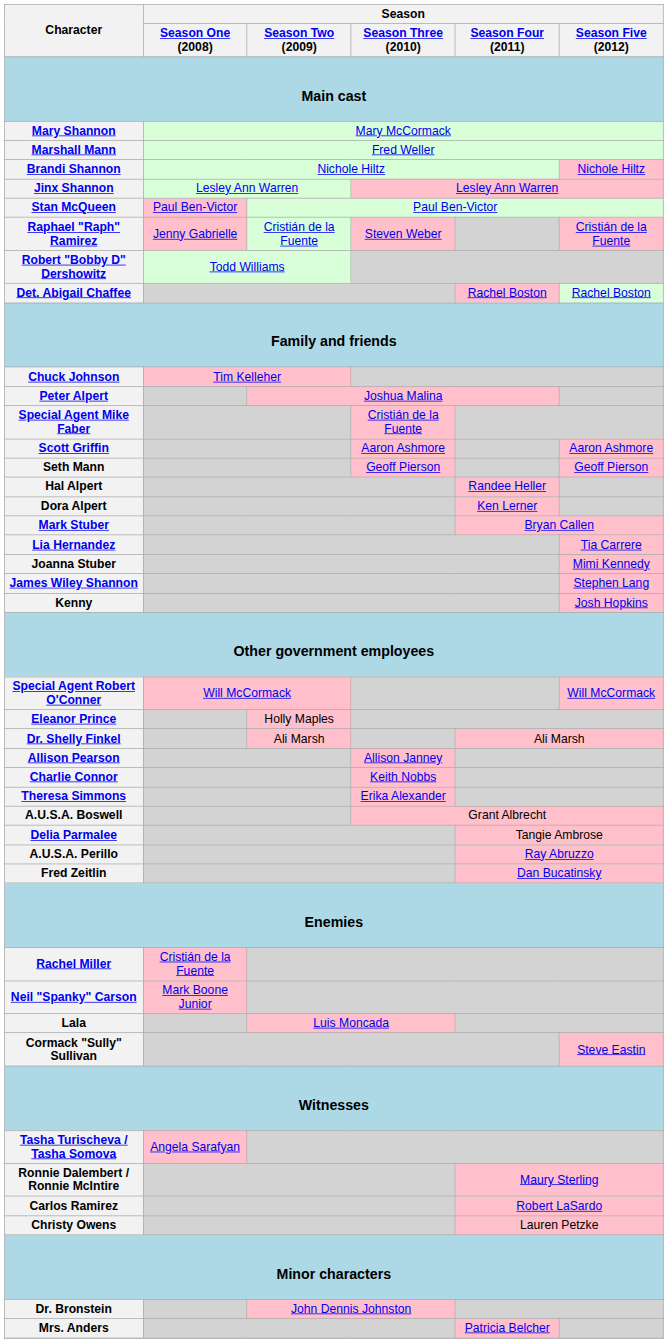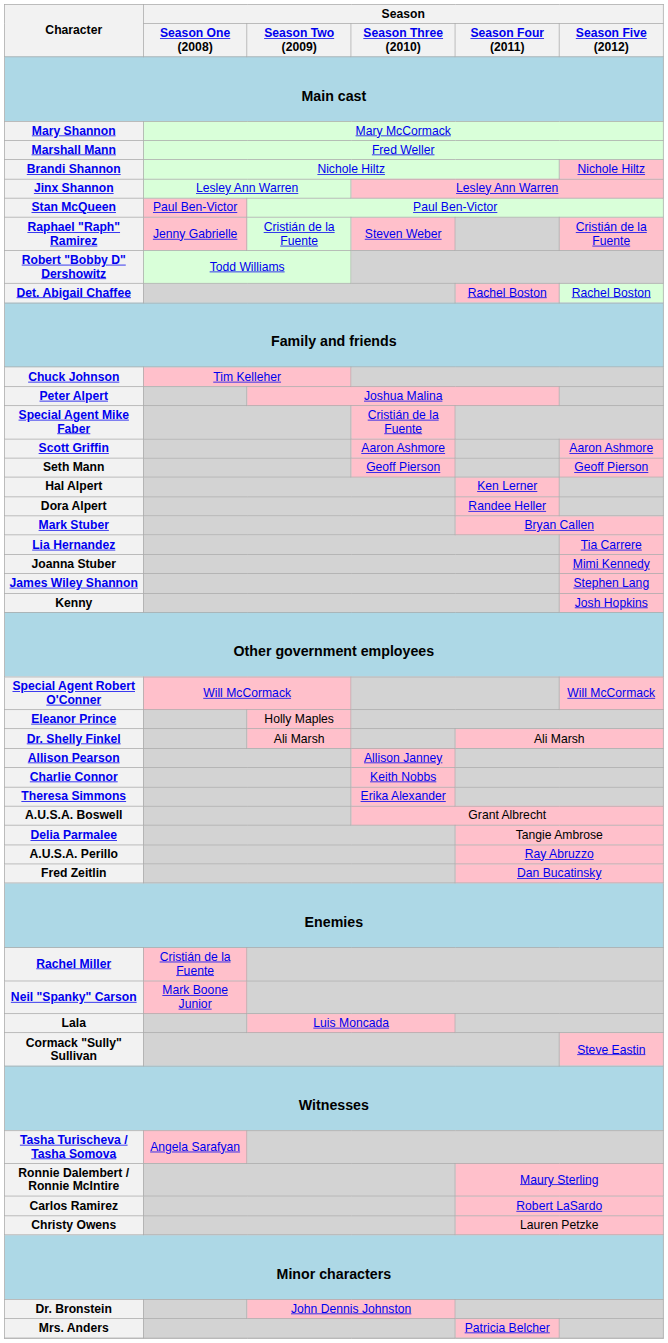 <table class="wikitable" style="text-align:center">
 <tr>
 <th rowspan="2" width="16%">Character</th>
 <th colspan="5" align="center">Season</th>
 </tr>
 <tr>
 <th align="center" width="12%"><a href='#'>Season One</a><br>(2008)</th>
 <th align="center" width="12%"><a href='#'>Season Two</a><br>(2009)</th>
 <th align="center" width="12%"><a href='#'>Season Three</a><br>(2010)</th>
 <th align="center" width="12%"><a href='#'>Season Four</a><br>(2011)</th>
 <th align="center" width="12%"><a href='#'>Season Five</a><br>(2012)</th>
 </tr>
 <tr>
 <th colspan="6" style="background-color:lightblue;"><br><h3>Main cast</h3></th>
 </tr>
 <tr>
 <th><a href='#'>Mary Shannon</a></th>
 <td style="background:#d9ffd9;" colspan="5"><a href='#'><span>Mary McCormack</span></a></td>
 </tr>
 <tr>
 <th><a href='#'>Marshall Mann</a></th>
 <td style="background:#d9ffd9;" colspan="5"><a href='#'><span>Fred Weller</span></a></td>
 </tr>
 <tr>
 <th><a href='#'>Brandi Shannon</a></th>
 <td style="background:#d9ffd9;" colspan="4"><a href='#'><span>Nichole Hiltz</span></a></td>
 <td colspan="1" style="background-color:pink;"><a href='#'><span>Nichole Hiltz</span></a></td>
 </tr>
 <tr>
 <th><a href='#'>Jinx Shannon</a></th>
 <td style="background:#d9ffd9;" colspan="2"><a href='#'><span>Lesley Ann Warren</span></a></td>
 <td colspan="3" style="background-color:pink;"><a href='#'><span>Lesley Ann Warren</span></a></td>
 </tr>
 <tr>
 <th><a href='#'>Stan McQueen</a></th>
 <td colspan="1" style="background-color:pink;"><a href='#'><span>Paul Ben-Victor</span></a></td>
 <td style="background:#d9ffd9;" colspan="4"><a href='#'><span>Paul Ben-Victor</span></a></td>
 </tr>
 <tr>
 <th><a href='#'>Raphael "Raph" Ramirez</a></th>
 <td colspan="1" style="background-color:pink;"><a href='#'>Jenny Gabrielle</a></td>
 <td style="background:#d9ffd9;"><a href='#'><span>Cristián de la Fuente</span></a></td>
 <td colspan="1" style="background-color:pink;"><a href='#'><span>Steven Weber</span></a></td>
 <td colspan="1" style="background-color:lightgrey;"> </td>
 <td colspan="1" style="background-color:pink;"><a href='#'><span>Cristián de la Fuente</span></a></td>
 </tr>
 <tr>
 <th><a href='#'>Robert "Bobby D" Dershowitz</a></th>
 <td style="background:#d9ffd9;" colspan="2"><a href='#'><span>Todd Williams</span></a></td>
 <td colspan="3" style="background-color:lightgrey;"> </td>
 </tr>
 <tr>
 <th><a href='#'>Det. Abigail Chaffee</a></th>
 <td colspan="3" style="background-color:lightgrey;"> </td>
 <td colspan="1" style="background-color:pink;"><a href='#'><span>Rachel Boston</span></a></td>
 <td style="background:#d9ffd9;"><a href='#'><span>Rachel Boston</span></a></td>
 </tr>
 <tr>
 <th colspan="6" style="background-color:lightblue;"><br><h3>Family and friends</h3></th>
 </tr>
 <tr>
 <th><a href='#'>Chuck Johnson</a></th>
 <td colspan="2" style="background-color:pink;"><a href='#'><span>Tim Kelleher</span></a></td>
 <td colspan="3" style="background-color:lightgrey;"> </td>
 </tr>
 <tr>
 <th><a href='#'>Peter Alpert</a></th>
 <td colspan="1" style="background-color:lightgrey;"> </td>
 <td colspan="3" style="background-color:pink;"><a href='#'><span>Joshua Malina</span></a></td>
 <td colspan="1" style="background-color:lightgrey;"> </td>
 </tr>
 <tr>
 <th><a href='#'>Special Agent Mike Faber</a></th>
 <td colspan="2" style="background-color:lightgrey;"> </td>
 <td colspan="1" style="background-color:pink;"><a href='#'><span>Cristián de la Fuente</span></a></td>
 <td colspan="2" style="background-color:lightgrey;"> </td>
 </tr>
 <tr>
 <th><a href='#'>Scott Griffin</a></th>
 <td colspan="2" style="background-color:lightgrey;"> </td>
 <td colspan="1" style="background-color:pink;"><a href='#'><span>Aaron Ashmore</span></a></td>
 <td colspan="1" style="background-color:lightgrey;"> </td>
 <td colspan="1" style="background-color:pink;"><a href='#'><span>Aaron Ashmore</span></a></td>
 </tr>
 <tr>
 <th>Seth Mann</th>
 <td colspan="2" style="background-color:lightgrey;"> </td>
 <td colspan="1" style="background-color:pink;"><a href='#'><span>Geoff Pierson</span></a></td>
 <td colspan="1" style="background-color:lightgrey;"> </td>
 <td colspan="1" style="background-color:pink;"><a href='#'><span>Geoff Pierson</span></a></td>
 </tr>
 <tr>
 <th>Hal Alpert</th>
 <td colspan="3" style="background-color:lightgrey;"> </td>
-<td colspan="1" style="background-color:pink;"><a href='#'><span>Randee Heller</span></a></td>
+<td colspan="1" style="background-color:pink;"><a href='#'><span>Ken Lerner</span></a></td>
 <td colspan="1" style="background-color:lightgrey;"> </td>
 </tr>
 <tr>
 <th>Dora Alpert</th>
 <td colspan="3" style="background-color:lightgrey;"> </td>
-<td colspan="1" style="background-color:pink;"><a href='#'><span>Ken Lerner</span></a></td>
+<td colspan="1" style="background-color:pink;"><a href='#'><span>Randee Heller</span></a></td>
 <td colspan="1" style="background-color:lightgrey;"> </td>
 </tr>
 <tr>
 <th><a href='#'>Mark Stuber</a></th>
 <td colspan="3" style="background-color:lightgrey;"> </td>
 <td colspan="2" style="background-color:pink;"><a href='#'><span>Bryan Callen</span></a></td>
 </tr>
 <tr>
 <th><a href='#'>Lia Hernandez</a></th>
 <td colspan="4" style="background-color:lightgrey;"> </td>
 <td colspan="1" style="background-color:pink;"><a href='#'><span>Tia Carrere</span></a></td>
 </tr>
 <tr>
 <th>Joanna Stuber</th>
 <td colspan="4" style="background-color:lightgrey;"> </td>
 <td colspan="1" style="background-color:pink;"><a href='#'><span>Mimi Kennedy</span></a></td>
 </tr>
 <tr>
 <th><a href='#'>James Wiley Shannon</a></th>
 <td colspan="4" style="background-color:lightgrey;"> </td>
 <td colspan="1" style="background-color:pink;"><a href='#'><span>Stephen Lang</span></a></td>
 </tr>
 <tr>
 <th>Kenny</th>
 <td colspan="4" style="background-color:lightgrey;"> </td>
 <td colspan="1" style="background-color:pink;"><a href='#'><span>Josh Hopkins</span></a></td>
 </tr>
 <tr>
 <th colspan="6" style="background-color:lightblue;"><br><h3>Other government employees</h3></th>
 </tr>
 <tr>
 <th><a href='#'>Special Agent Robert O'Conner</a></th>
 <td colspan="2" style="background-color:pink;"><a href='#'><span>Will McCormack</span></a></td>
 <td colspan="2" style="background-color:lightgrey;"> </td>
 <td colspan="2" style="background-color:pink;"><a href='#'><span>Will McCormack</span></a></td>
 </tr>
 <tr>
 <th><a href='#'>Eleanor Prince</a></th>
 <td colspan="1" style="background-color:lightgrey;"> </td>
 <td colspan="1" style="background-color:pink;"><span>Holly Maples</span></td>
 <td colspan="3" style="background-color:lightgrey;"> </td>
 </tr>
 <tr>
 <th><a href='#'>Dr. Shelly Finkel</a></th>
 <td colspan="1" style="background-color:lightgrey;"> </td>
 <td colspan="1" style="background-color:pink;">Ali Marsh</td>
 <td colspan="1" style="background-color:lightgrey;"> </td>
 <td colspan="2" style="background-color:pink;">Ali Marsh</td>
 </tr>
 <tr>
 <th><a href='#'>Allison Pearson</a></th>
 <td colspan="2" style="background-color:lightgrey;"> </td>
 <td colspan="1" style="background-color:pink;"><a href='#'><span>Allison Janney</span></a></td>
 <td colspan="2" style="background-color:lightgrey;"> </td>
 </tr>
 <tr>
 <th><a href='#'>Charlie Connor</a></th>
 <td colspan="2" style="background-color:lightgrey;"> </td>
 <td colspan="1" style="background-color:pink;"><a href='#'><span>Keith Nobbs</span></a></td>
 <td colspan="2" style="background-color:lightgrey;"> </td>
 </tr>
 <tr>
 <th><a href='#'>Theresa Simmons</a></th>
 <td colspan="2" style="background-color:lightgrey;"> </td>
 <td colspan="1" style="background-color:pink;"><a href='#'><span>Erika Alexander</span></a></td>
 <td colspan="2" style="background-color:lightgrey;"> </td>
 </tr>
 <tr>
 <th>A.U.S.A. Boswell</th>
 <td colspan="2" style="background-color:lightgrey;"> </td>
 <td colspan="3" style="background-color:pink;">Grant Albrecht</td>
 </tr>
 <tr>
 <th><a href='#'>Delia Parmalee</a></th>
 <td colspan="3" style="background-color:lightgrey;"> </td>
 <td colspan="2" style="background-color:pink;">Tangie Ambrose</td>
 </tr>
 <tr>
 <th>A.U.S.A. Perillo</th>
 <td colspan="3" style="background-color:lightgrey;"> </td>
 <td colspan="2" style="background-color:pink;"><a href='#'><span>Ray Abruzzo</span></a></td>
 </tr>
 <tr>
 <th>Fred Zeitlin</th>
 <td colspan="3" style="background-color:lightgrey;"> </td>
 <td colspan="2" style="background-color:pink;"><a href='#'><span>Dan Bucatinsky</span></a></td>
 </tr>
 <tr>
 <th colspan="6" style="background-color:lightblue;"><br><h3>Enemies</h3></th>
 </tr>
 <tr>
 <th><a href='#'>Rachel Miller</a></th>
 <td colspan="1" style="background-color:pink;"><a href='#'><span>Cristián de la Fuente</span></a></td>
 <td colspan="4" style="background-color:lightgrey;"> </td>
 </tr>
 <tr>
 <th><a href='#'>Neil "Spanky" Carson</a></th>
 <td colspan="1" style="background-color:pink;"><a href='#'><span>Mark Boone Junior</span></a></td>
 <td colspan="4" style="background-color:lightgrey;"> </td>
 </tr>
 <tr>
 <th>Lala</th>
 <td colspan="1" style="background-color:lightgrey;"> </td>
 <td colspan="2" style="background-color:pink;"><a href='#'><span>Luis Moncada</span></a></td>
 <td colspan="2" style="background-color:lightgrey;"> </td>
 </tr>
 <tr>
 <th>Cormack "Sully" Sullivan</th>
 <td colspan="4" style="background-color:lightgrey;"> </td>
 <td colspan="1" style="background-color:pink;"><a href='#'><span>Steve Eastin</span></a></td>
 </tr>
 <tr>
 <th colspan="6" style="background-color:lightblue;"><br><h3>Witnesses</h3></th>
 </tr>
 <tr>
 <th><a href='#'>Tasha Turischeva / Tasha Somova</a></th>
 <td colspan="1" style="background-color:pink;"><a href='#'><span>Angela Sarafyan</span></a></td>
 <td colspan="4" style="background-color:lightgrey;"> </td>
 </tr>
 <tr>
 <th>Ronnie Dalembert / Ronnie McIntire</th>
 <td colspan="3" style="background-color:lightgrey;"> </td>
 <td colspan="2" style="background-color:pink;"><a href='#'><span>Maury Sterling</span></a></td>
 </tr>
 <tr>
 <th>Carlos Ramirez</th>
 <td colspan="3" style="background-color:lightgrey;"> </td>
 <td colspan="2" style="background-color:pink;"><a href='#'><span>Robert LaSardo</span></a></td>
 </tr>
 <tr>
 <th>Christy Owens</th>
 <td colspan="3" style="background-color:lightgrey;"> </td>
 <td colspan="2" style="background-color:pink;">Lauren Petzke</td>
 </tr>
 <tr>
 <th colspan="6" style="background-color:lightblue;"><br><h3>Minor characters</h3></th>
 </tr>
 <tr>
 <th>Dr. Bronstein</th>
 <td colspan="1" style="background-color:lightgrey;"> </td>
 <td colspan="2" style="background-color:pink;"><a href='#'><span>John Dennis Johnston</span></a></td>
 <td colspan="2" style="background-color:lightgrey;"> </td>
 </tr>
 <tr>
 <th>Mrs. Anders</th>
 <td colspan="3" style="background-color:lightgrey;"> </td>
 <td colspan="1" style="background-color:pink;"><a href='#'><span>Patricia Belcher</span></a></td>
 <td colspan="1" style="background-color:lightgrey;"> </td>
 </tr>
 <tr>
 </tr>
 </table>
